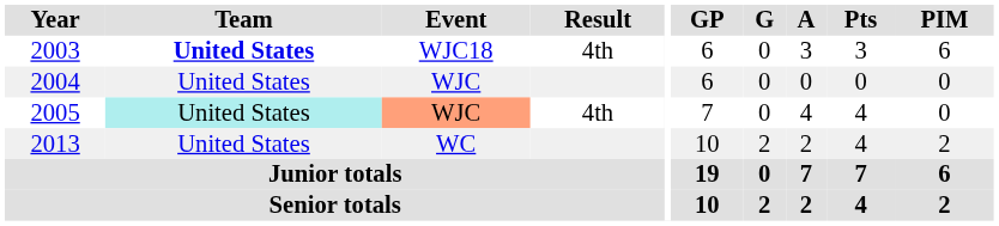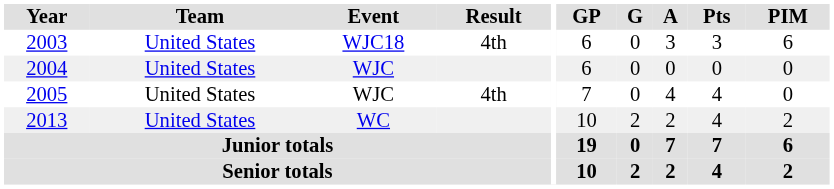 <table border="0" cellpadding="1" cellspacing="0" ID="Table3" style="text-align:center; width:40em">
 <tr ALIGN="center" bgcolor="#e0e0e0">
 <th>Year</th>
 <th>Team</th>
 <th>Event</th>
 <th>Result</th>
 <th rowspan="99" bgcolor="#ffffff"></th>
 <th>GP</th>
 <th>G</th>
 <th>A</th>
 <th>Pts</th>
 <th>PIM</th>
 </tr>
 <tr>
 <td><a href='#'>2003</a></td>
-<td><strong><a href='#'>United States</a></strong></td>
+<td><a href='#'>United States</a></td>
 <td><a href='#'>WJC18</a></td>
 <td>4th</td>
 <td>6</td>
 <td>0</td>
 <td>3</td>
 <td>3</td>
 <td>6</td>
 </tr>
 <tr bgcolor="#f0f0f0">
 <td><a href='#'>2004</a></td>
 <td><a href='#'>United States</a></td>
 <td><a href='#'>WJC</a></td>
 <td></td>
 <td>6</td>
 <td>0</td>
 <td>0</td>
 <td>0</td>
 <td>0</td>
 </tr>
 <tr>
 <td><a href='#'>2005</a></td>
-<td style="background: paleturquoise;">United States</td>
-<td style="background: lightsalmon;">WJC</td>
+<td>United States</td>
+<td>WJC</td>
 <td>4th</td>
 <td>7</td>
 <td>0</td>
 <td>4</td>
 <td>4</td>
 <td>0</td>
 </tr>
 <tr bgcolor="#f0f0f0">
 <td><a href='#'>2013</a></td>
 <td><a href='#'>United States</a></td>
 <td><a href='#'>WC</a></td>
 <td></td>
 <td>10</td>
 <td>2</td>
 <td>2</td>
 <td>4</td>
 <td>2</td>
 </tr>
 <tr bgcolor="#e0e0e0">
 <th colspan="4">Junior totals</th>
 <th>19</th>
 <th>0</th>
 <th>7</th>
 <th>7</th>
 <th>6</th>
 </tr>
 <tr bgcolor="#e0e0e0">
 <th colspan="4">Senior totals</th>
 <th>10</th>
 <th>2</th>
 <th>2</th>
 <th>4</th>
 <th>2</th>
 </tr>
 </table>
